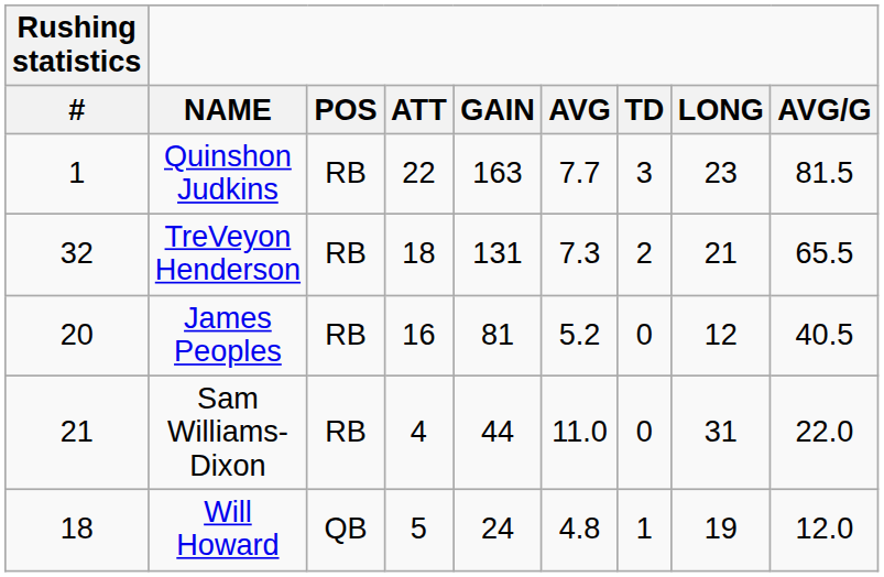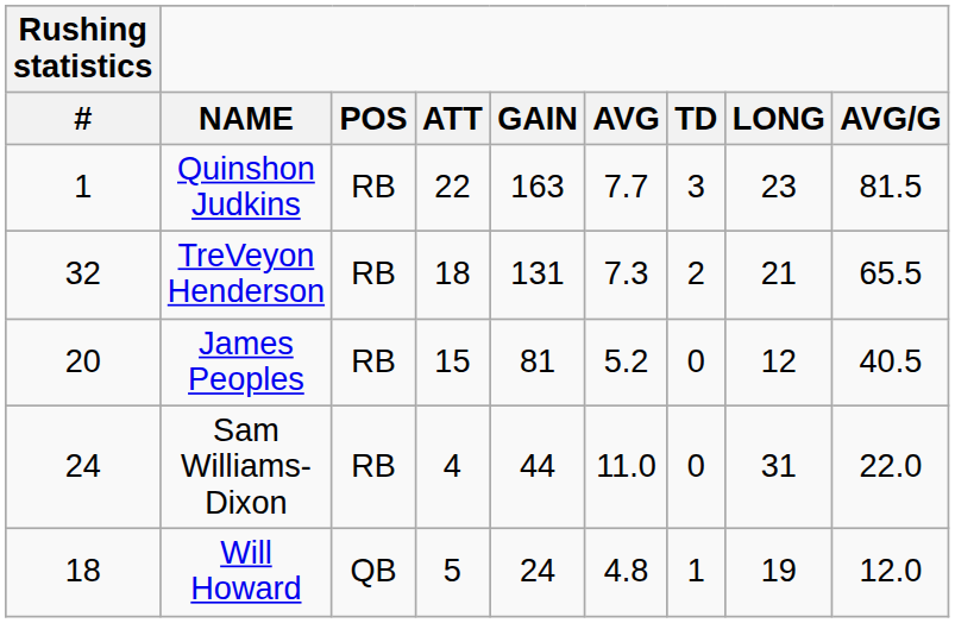 <table style="width:60%; text-align:center;" class="wikitable collapsible collapsed">
 <tr>
 <th style="text-align:center; ">Rushing statistics</th>
 </tr>
 <tr>
 <th>#</th>
 <th>NAME</th>
 <th>POS</th>
 <th>ATT</th>
 <th>GAIN</th>
 <th>AVG</th>
 <th>TD</th>
 <th>LONG</th>
 <th>AVG/G</th>
 </tr>
 <tr>
 <td>1</td>
 <td><a href='#'>Quinshon Judkins</a></td>
 <td>RB</td>
 <td>22</td>
 <td>163</td>
 <td>7.7</td>
 <td>3</td>
 <td>23</td>
 <td>81.5</td>
 </tr>
 <tr>
 <td>32</td>
 <td><a href='#'>TreVeyon Henderson</a></td>
 <td>RB</td>
 <td>18</td>
 <td>131</td>
 <td>7.3</td>
 <td>2</td>
 <td>21</td>
 <td>65.5</td>
 </tr>
 <tr>
 <td>20</td>
 <td><a href='#'>James Peoples</a></td>
 <td>RB</td>
-<td>16</td>
+<td>15</td>
 <td>81</td>
 <td>5.2</td>
 <td>0</td>
 <td>12</td>
 <td>40.5</td>
 </tr>
 <tr>
-<td>21</td>
+<td>24</td>
 <td>Sam Williams-Dixon</td>
 <td>RB</td>
 <td>4</td>
 <td>44</td>
 <td>11.0</td>
 <td>0</td>
 <td>31</td>
 <td>22.0</td>
 </tr>
 <tr>
 <td>18</td>
 <td><a href='#'>Will Howard</a></td>
 <td>QB</td>
 <td>5</td>
 <td>24</td>
 <td>4.8</td>
 <td>1</td>
 <td>19</td>
 <td>12.0</td>
 </tr>
 </table>
